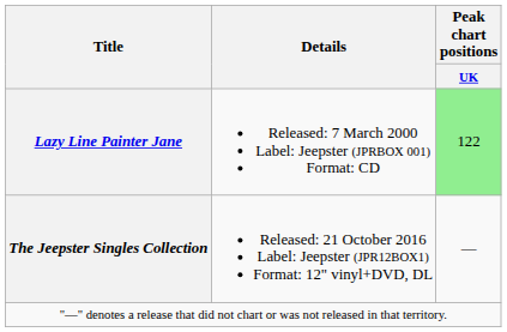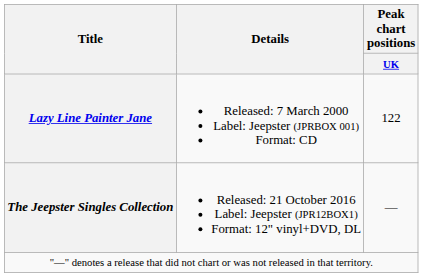 <table class="wikitable plainrowheaders" style="text-align:center;">
 <tr>
 <th scope="col" rowspan="2">Title</th>
 <th rowspan="2">Details</th>
 <th colspan="1">Peak chart<br>positions</th>
 </tr>
 <tr>
 <th width="25"><small><a href='#'>UK</a></small><br></th>
 </tr>
 <tr>
 <th scope="row"><em><a href='#'>Lazy Line Painter Jane</a></em></th>
 <td><br><ul><li>Released: 7 March 2000</li><li>Label: Jeepster <small>(JPRBOX 001)</small></li><li>Format: CD</li></ul></td>
-<td align="center" style="background: lightgreen;">122<br></td>
+<td align="center">122<br></td>
 </tr>
 <tr>
 <th scope="row"><em>The Jeepster Singles Collection</em></th>
 <td><br><ul><li>Released: 21 October 2016</li><li>Label: Jeepster <small>(JPR12BOX1)</small></li><li>Format: 12" vinyl+DVD, DL</li></ul></td>
 <td align="center">—</td>
 </tr>
 <tr>
 <td style="text-align:center;" colspan="17"><small>"—" denotes a release that did not chart or was not released in that territory.</small></td>
 </tr>
 </table>
